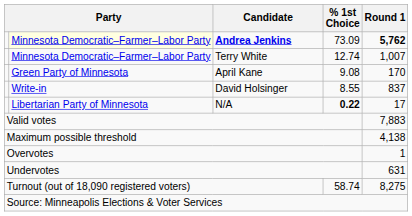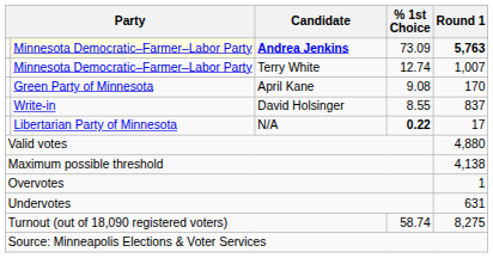 <table class="wikitable">
 <tr>
 <th colspan="2" style="width:290px">Party</th>
 <th style="width:165px">Candidate</th>
 <th>% 1st<br>Choice</th>
 <th>Round 1</th>
 </tr>
 <tr>
 <td style="background-color:"></td>
 <td style="background: lightyellow;"><a href='#'>Minnesota Democratic–Farmer–Labor Party</a></td>
 <td><strong><a href='#'>Andrea Jenkins</a></strong></td>
 <td align="right">73.09</td>
-<td align="right"><strong>5,762</strong></td>
+<td align="right"><strong>5,763</strong></td>
 </tr>
 <tr>
 <td style="background-color:"></td>
 <td><a href='#'>Minnesota Democratic–Farmer–Labor Party</a></td>
 <td>Terry White</td>
 <td align="right">12.74</td>
 <td align="right">1,007</td>
 </tr>
 <tr>
 <td style="background-color:"></td>
 <td><a href='#'>Green Party of Minnesota</a></td>
 <td>April Kane</td>
 <td align="right">9.08</td>
 <td align="right">170</td>
 </tr>
 <tr>
 <td style="background-color:"></td>
 <td><a href='#'>Write-in</a></td>
 <td>David Holsinger</td>
 <td align="right">8.55</td>
 <td align="right">837</td>
 </tr>
 <tr>
 <td style="background-color:"></td>
 <td><a href='#'>Libertarian Party of Minnesota</a></td>
 <td>N/A</td>
 <td align="right"><strong>0.22</strong></td>
 <td align="right">17</td>
 </tr>
 <tr>
 <td colspan="4">Valid votes</td>
-<td align="right">7,883</td>
+<td align="right">4,880</td>
 </tr>
 <tr>
 <td colspan="4">Maximum possible threshold</td>
 <td align="right">4,138</td>
 </tr>
 <tr>
 <td colspan="4">Overvotes</td>
 <td align="right">1</td>
 </tr>
 <tr>
 <td colspan="4">Undervotes</td>
 <td align="right">631</td>
 </tr>
 <tr>
 <td colspan="3">Turnout (out of 18,090 registered voters)</td>
 <td align="right">58.74</td>
 <td align="right">8,275</td>
 </tr>
 <tr>
 <td colspan="5">Source: Minneapolis Elections & Voter Services</td>
 </tr>
 </table>
